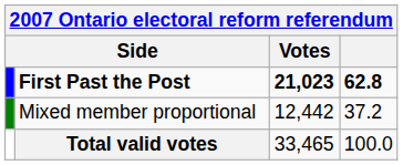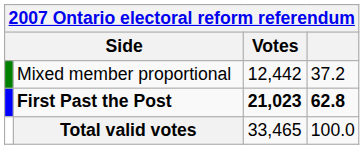 <table class="wikitable" style="font-size: 95; clear:both">
 <tr style="background-color:#E9E9E9">
 <th colspan=4><a href='#'>2007 Ontario electoral reform referendum</a></th>
 </tr>
 <tr style="background-color:#E9E9E9">
 <th colspan=2 style="width: 130px">Side</th>
 <th style="width: 50px">Votes</th>
 <th style="width: 40px"></th>
 </tr>
 <tr>
+<td bgcolor="green"></td>
+<td>Mixed member proportional</td>
+<td>12,442</td>
+<td>37.2</td>
+</tr>
+<tr>
 <td bgcolor="blue"></td>
 <td><strong>First Past the Post</strong></td>
 <td><strong>21,023</strong></td>
 <td><strong>62.8</strong></td>
-</tr>
-<tr>
-<td bgcolor="green"></td>
-<td>Mixed member proportional</td>
-<td>12,442</td>
-<td>37.2</td>
 </tr>
 <tr>
 <td bgcolor="white"></td>
 <th>Total valid votes</th>
 <td>33,465</td>
 <td>100.0</td>
 </tr>
 </table>
